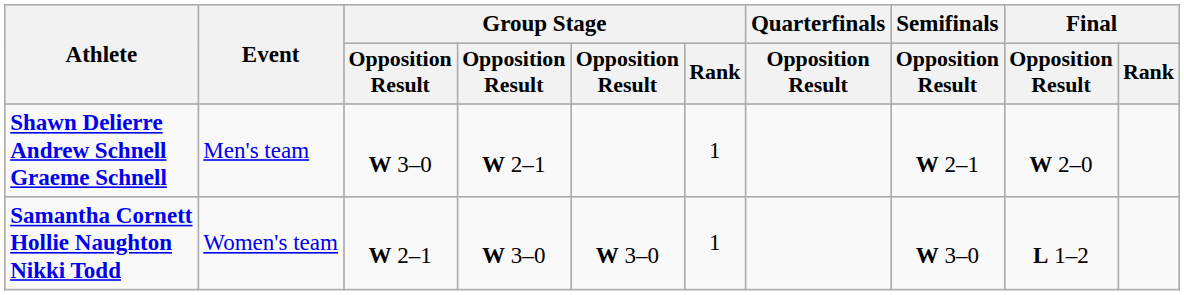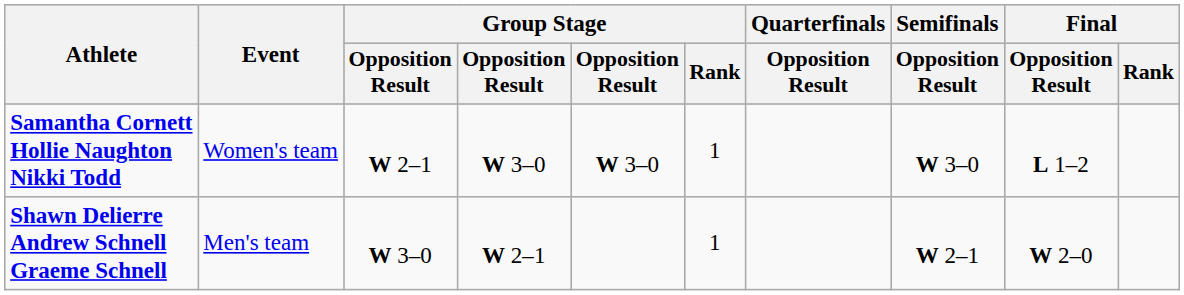 <table class="wikitable" style="font-size:90%">
 <tr>
 <th rowspan=2>Athlete</th>
 <th rowspan=2>Event</th>
 <th colspan=4>Group Stage</th>
 <th>Quarterfinals</th>
 <th>Semifinals</th>
 <th colspan=2>Final</th>
 </tr>
 <tr style="font-size:95%">
 <th>Opposition<br>Result</th>
 <th>Opposition<br>Result</th>
 <th>Opposition<br>Result</th>
 <th>Rank</th>
 <th>Opposition<br>Result</th>
 <th>Opposition<br>Result</th>
 <th>Opposition<br>Result</th>
 <th>Rank</th>
 </tr>
 <tr align=center>
+<td align=left><strong><a href='#'>Samantha Cornett</a><br><a href='#'>Hollie Naughton</a><br><a href='#'>Nikki Todd</a></strong></td>
+<td align=left><a href='#'>Women's team</a></td>
+<td><br><strong>W</strong> 2–1</td>
+<td><br><strong>W</strong> 3–0</td>
+<td><br><strong>W</strong> 3–0</td>
+<td>1</td>
+<td></td>
+<td><br><strong>W</strong> 3–0</td>
+<td><br><strong>L</strong> 1–2</td>
+<td></td>
+</tr>
+<tr align=center>
 <td align=left><strong><a href='#'>Shawn Delierre</a><br><a href='#'>Andrew Schnell</a><br><a href='#'>Graeme Schnell</a></strong></td>
 <td align=left><a href='#'>Men's team</a></td>
 <td><br><strong>W</strong> 3–0</td>
 <td><br><strong>W</strong> 2–1</td>
 <td></td>
 <td>1</td>
 <td></td>
 <td><br><strong>W</strong> 2–1</td>
 <td><br><strong>W</strong> 2–0</td>
 <td></td>
 </tr>
-<tr align=center>
-<td align=left><strong><a href='#'>Samantha Cornett</a><br><a href='#'>Hollie Naughton</a><br><a href='#'>Nikki Todd</a></strong></td>
-<td align=left><a href='#'>Women's team</a></td>
-<td><br><strong>W</strong> 2–1</td>
-<td><br><strong>W</strong> 3–0</td>
-<td><br><strong>W</strong> 3–0</td>
-<td>1</td>
-<td></td>
-<td><br><strong>W</strong> 3–0</td>
-<td><br><strong>L</strong> 1–2</td>
-<td></td>
-</tr>
 </table>
